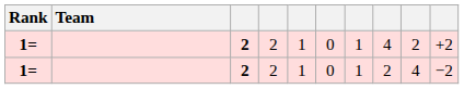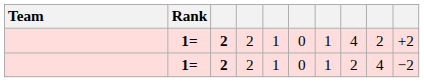 <table class="wikitable" style="text-align: center;">
 <tr>
+<th style="width:165px; text-align:left;">Team</th>
 <th width=30>Rank</th>
-<th style="width:165px; text-align:left;">Team</th>
 <th width=20></th>
 <th width=20></th>
 <th width=20></th>
 <th width=20></th>
 <th width=20></th>
 <th width=20></th>
 <th width=20></th>
 <th width=20></th>
 </tr>
 <tr style="background:#fdd;">
+<td style="text-align:left;"></td>
 <td><strong>1=</strong></td>
-<td style="text-align:left;"></td>
 <td><strong>2</strong></td>
 <td>2</td>
 <td>1</td>
 <td>0</td>
 <td>1</td>
 <td>4</td>
 <td>2</td>
 <td>+2</td>
 </tr>
 <tr style="background:#fdd;">
+<td style="text-align:left;"></td>
 <td><strong>1=</strong></td>
-<td style="text-align:left;"></td>
 <td><strong>2</strong></td>
 <td>2</td>
 <td>1</td>
 <td>0</td>
 <td>1</td>
 <td>2</td>
 <td>4</td>
 <td>−2</td>
 </tr>
 </table>
